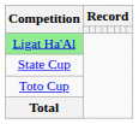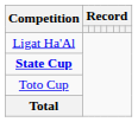 <table class="wikitable" style="text-align: center">
 <tr>
 <th rowspan=2>Competition</th>
 <th colspan=8>Record</th>
 </tr>
 <tr>
 <th></th>
 <th></th>
 <th></th>
 <th></th>
 <th></th>
 <th></th>
 <th></th>
 <th></th>
 </tr>
 <tr>
-<td style="background: lightgreen;"><a href='#'>Ligat Ha'Al</a><br></td>
+<td><a href='#'>Ligat Ha'Al</a><br></td>
 </tr>
 <tr>
-<td><a href='#'>State Cup</a><br></td>
+<td><strong><a href='#'>State Cup</a><br></strong></td>
 </tr>
 <tr>
 <td><a href='#'>Toto Cup</a><br></td>
 </tr>
 <tr>
 <th>Total<br></th>
 </tr>
 </table>
